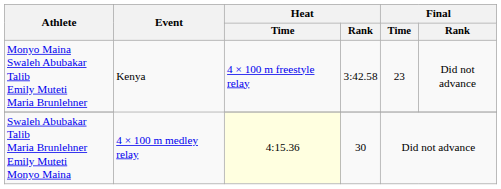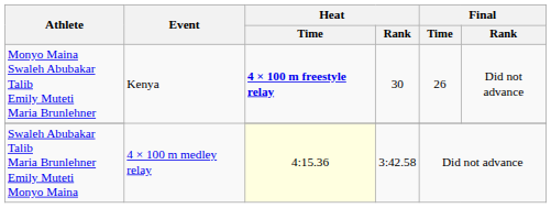 <table class="wikitable" style="text-align:center; font-size:90%; width:50%;">
 <tr>
 <th rowspan="2">Athlete</th>
 <th rowspan="2">Event</th>
 <th colspan="2">Heat</th>
 <th colspan="2">Final</th>
 </tr>
 <tr style="font-size:95%">
 <th>Time</th>
 <th>Rank</th>
 <th>Time</th>
 <th>Rank</th>
 </tr>
 <tr>
 <td align=left><a href='#'>Monyo Maina</a><br><a href='#'>Swaleh Abubakar Talib</a><br><a href='#'>Emily Muteti</a> <br><a href='#'>Maria Brunlehner</a></td>
 <td align=left rowspan=2>Kenya</td>
-<td align=left><a href='#'>4 × 100 m freestyle relay</a></td>
-<td>3:42.58</td>
-<td>23</td>
+<td align=left><strong><a href='#'>4 × 100 m freestyle relay</a></strong></td>
+<td>30</td>
+<td>26</td>
 <td colspan=2>Did not advance</td>
 </tr>
 <tr>
 </tr>
 <tr>
 <td align=left><a href='#'>Swaleh Abubakar Talib</a> <br><a href='#'>Maria Brunlehner</a><br><a href='#'>Emily Muteti</a> <br><a href='#'>Monyo Maina</a></td>
 <td align=left><a href='#'>4 × 100 m medley relay</a></td>
 <td style="background: lightyellow;">4:15.36</td>
-<td>30</td>
+<td>3:42.58</td>
 <td colspan="2">Did not advance</td>
 </tr>
 </table>
